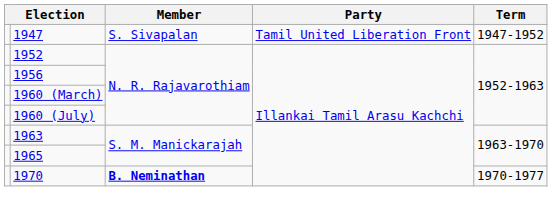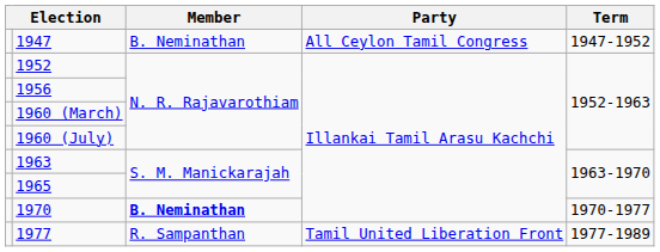 <table class="wikitable">
 <tr>
 <th colspan="2">Election</th>
 <th>Member</th>
 <th>Party</th>
 <th>Term</th>
 </tr>
 <tr>
 <td style="background-color: "></td>
 <td><a href='#'>1947</a></td>
-<td><a href='#'>S. Sivapalan</a></td>
-<td><a href='#'>Tamil United Liberation Front</a></td>
+<td><a href='#'>B. Neminathan</a></td>
+<td><a href='#'>All Ceylon Tamil Congress</a></td>
 <td>1947-1952</td>
 </tr>
 <tr>
 <td style="background-color: "></td>
 <td><a href='#'>1952</a></td>
 <td rowspan ="4"><a href='#'>N. R. Rajavarothiam</a></td>
 <td rowspan ="7"><a href='#'>Illankai Tamil Arasu Kachchi</a></td>
 <td rowspan ="4">1952-1963</td>
 </tr>
 <tr>
 <td style="background-color: "></td>
 <td><a href='#'>1956</a></td>
 </tr>
 <tr>
 <td style="background-color: "></td>
 <td><a href='#'>1960 (March)</a></td>
 </tr>
 <tr>
 <td style="background-color: "></td>
 <td><a href='#'>1960 (July)</a></td>
 </tr>
 <tr>
 <td style="background-color: "></td>
 <td><a href='#'>1963</a></td>
 <td rowspan ="2"><a href='#'>S. M. Manickarajah</a></td>
 <td rowspan ="2">1963-1970</td>
 </tr>
 <tr>
 <td style="background-color: "></td>
 <td><a href='#'>1965</a></td>
 </tr>
 <tr>
 <td style="background-color: "></td>
 <td><a href='#'>1970</a></td>
 <td><strong><a href='#'>B. Neminathan</a></strong></td>
 <td>1970-1977</td>
 </tr>
+<tr>
+<td style="background-color: "></td>
+<td><a href='#'>1977</a></td>
+<td><a href='#'>R. Sampanthan</a></td>
+<td><a href='#'>Tamil United Liberation Front</a></td>
+<td>1977-1989</td>
+</tr>
 </table>
